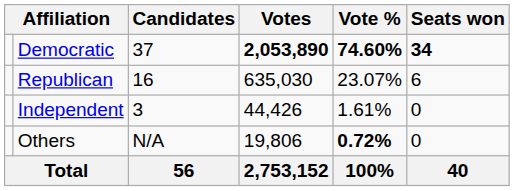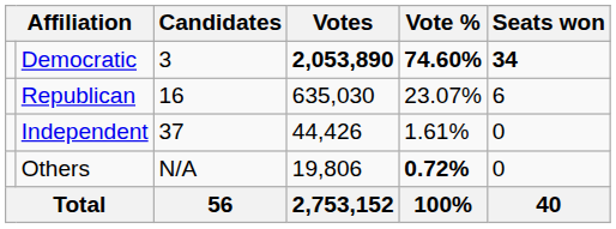 <table class="wikitable">
 <tr>
 <th colspan="2">Affiliation</th>
 <th>Candidates</th>
 <th>Votes</th>
 <th>Vote %</th>
 <th>Seats won</th>
 </tr>
 <tr>
 <td style="background-color:"></td>
 <td><a href='#'>Democratic</a></td>
-<td>37</td>
+<td>3</td>
 <td><strong>2,053,890</strong></td>
 <td><strong>74.60%</strong></td>
 <td><strong>34</strong></td>
 </tr>
 <tr>
 <td style="background-color:"></td>
 <td><a href='#'>Republican</a></td>
 <td>16</td>
 <td>635,030</td>
 <td>23.07%</td>
 <td>6</td>
 </tr>
 <tr>
 <td style="background-color:"></td>
 <td><a href='#'>Independent</a></td>
-<td>3</td>
+<td>37</td>
 <td>44,426</td>
 <td>1.61%</td>
 <td>0</td>
 </tr>
 <tr>
 <td></td>
 <td>Others</td>
 <td>N/A</td>
 <td>19,806</td>
 <td><strong>0.72%</strong></td>
 <td>0</td>
 </tr>
 <tr>
 <th colspan="2">Total</th>
 <th>56</th>
 <th>2,753,152</th>
 <th>100%</th>
 <th>40</th>
 </tr>
 </table>
